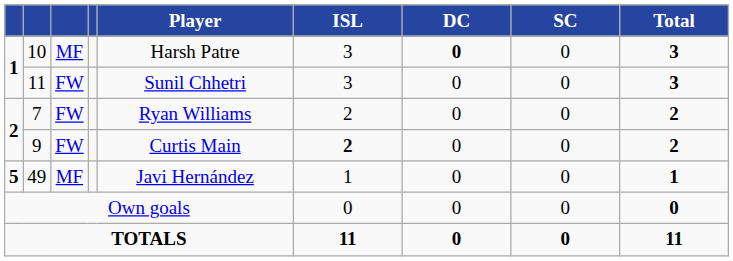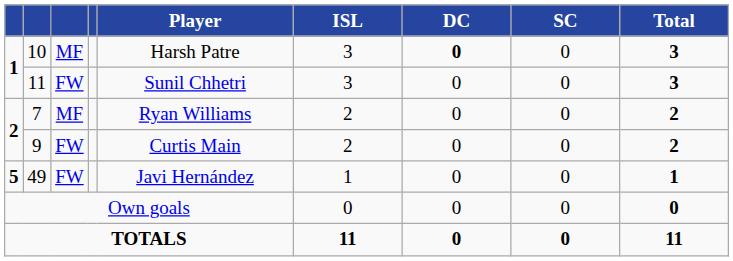 <table class="wikitable" style="font-size: 95%; text-align: center;">
 <tr>
 <th rowspan="1" !width=15 style="background:#2545A0; color:#FFFFFF; "></th>
 <th rowspan="1" !width=15 style="background:#2545A0; color:#FFFFFF; "></th>
 <th rowspan="1" !width=15 style="background:#2545A0; color:#FFFFFF; "></th>
 <th rowspan="1" !width=15 style="background:#2545A0; color:#FFFFFF; "></th>
 <th width=150 style="background:#2545A0; color:#FFFFFF; ">Player</th>
 <th width=80 style="background:#2545A0; color:#FFFFFF; ">ISL</th>
 <th width=80 style="background:#2545A0; color:#FFFFFF; ">DC</th>
 <th width=80 style="background:#2545A0; color:#FFFFFF; ">SC</th>
 <th width=80 style="background:#2545A0; color:#FFFFFF; ">Total</th>
 </tr>
 <tr>
 <td rowspan=2><strong>1</strong></td>
 <td>10</td>
 <td><a href='#'>MF</a></td>
 <td></td>
 <td>Harsh Patre</td>
 <td>3</td>
 <td><strong>0</strong></td>
 <td>0</td>
 <td><strong>3</strong></td>
 </tr>
 <tr>
 <td>11</td>
 <td><a href='#'>FW</a></td>
 <td></td>
 <td><a href='#'>Sunil Chhetri</a></td>
 <td>3</td>
 <td>0</td>
 <td>0</td>
 <td><strong>3</strong></td>
 </tr>
 <tr>
 <td rowspan=2><strong>2</strong></td>
 <td>7</td>
-<td><a href='#'>FW</a></td>
+<td><a href='#'>MF</a></td>
 <td></td>
 <td><a href='#'>Ryan Williams</a></td>
 <td>2</td>
 <td>0</td>
 <td>0</td>
 <td><strong>2</strong></td>
 </tr>
 <tr>
 <td>9</td>
 <td><a href='#'>FW</a></td>
 <td></td>
 <td><a href='#'>Curtis Main</a></td>
-<td><strong>2</strong></td>
+<td>2</td>
 <td>0</td>
 <td>0</td>
 <td><strong>2</strong></td>
 </tr>
 <tr>
 <td><strong>5</strong></td>
 <td>49</td>
-<td><a href='#'>MF</a></td>
+<td><a href='#'>FW</a></td>
 <td></td>
 <td><a href='#'>Javi Hernández</a></td>
 <td>1</td>
 <td>0</td>
 <td>0</td>
 <td><strong>1</strong></td>
 </tr>
 <tr>
 <td colspan=5><a href='#'>Own goals</a></td>
 <td>0</td>
 <td>0</td>
 <td>0</td>
 <td><strong>0</strong></td>
 </tr>
 <tr>
 <td colspan="5"><strong>TOTALS</strong></td>
 <td><strong>11</strong></td>
 <td><strong>0</strong></td>
 <td><strong>0</strong></td>
 <td><strong>11</strong></td>
 </tr>
 </table>
